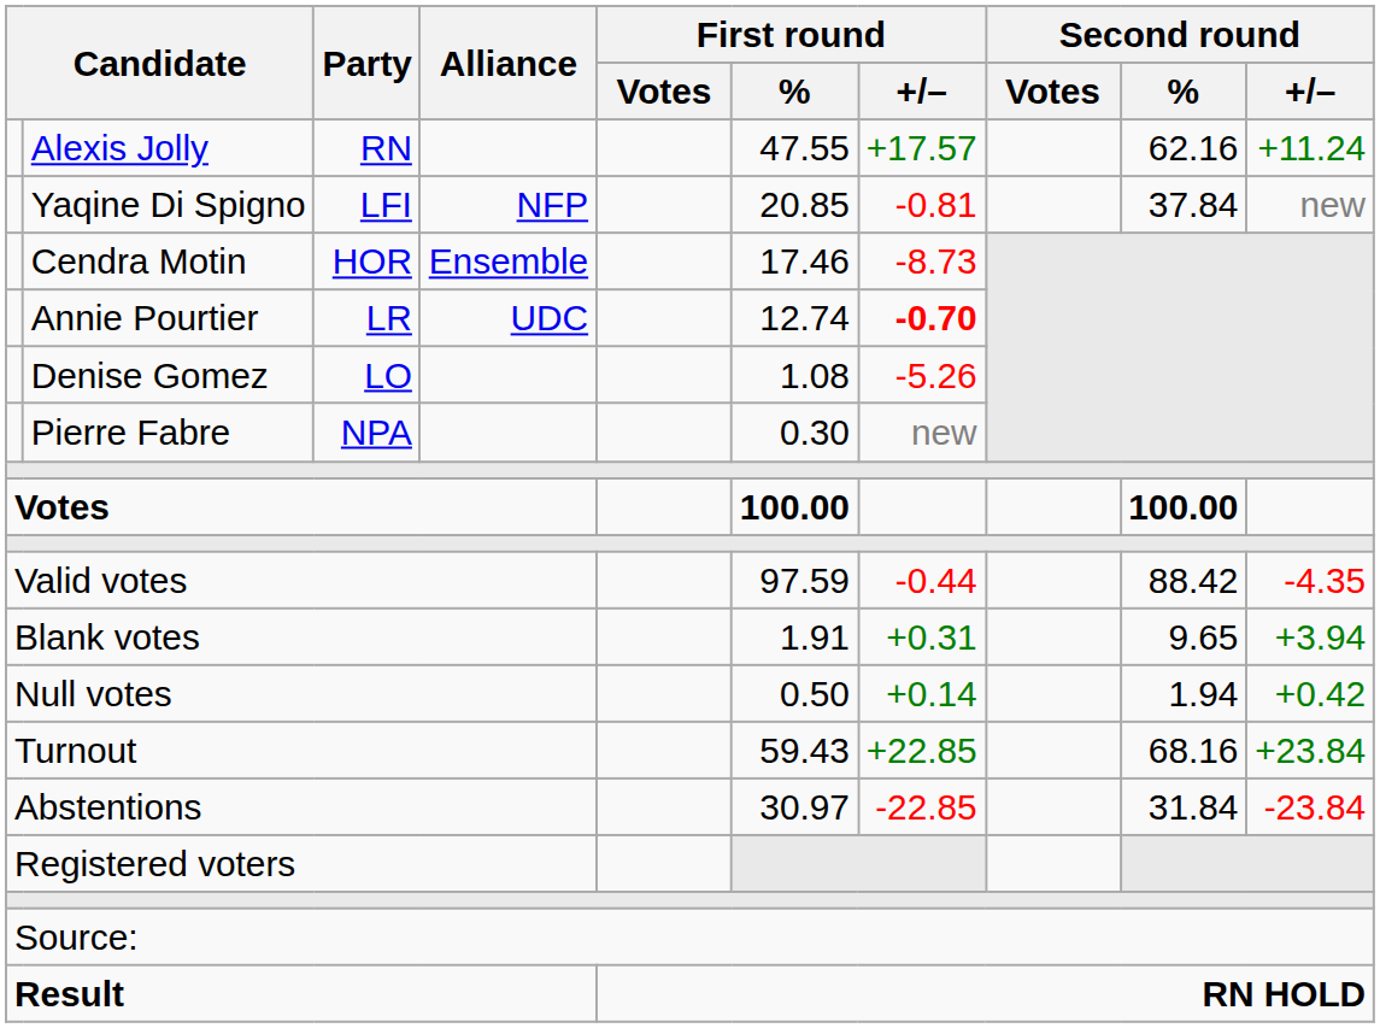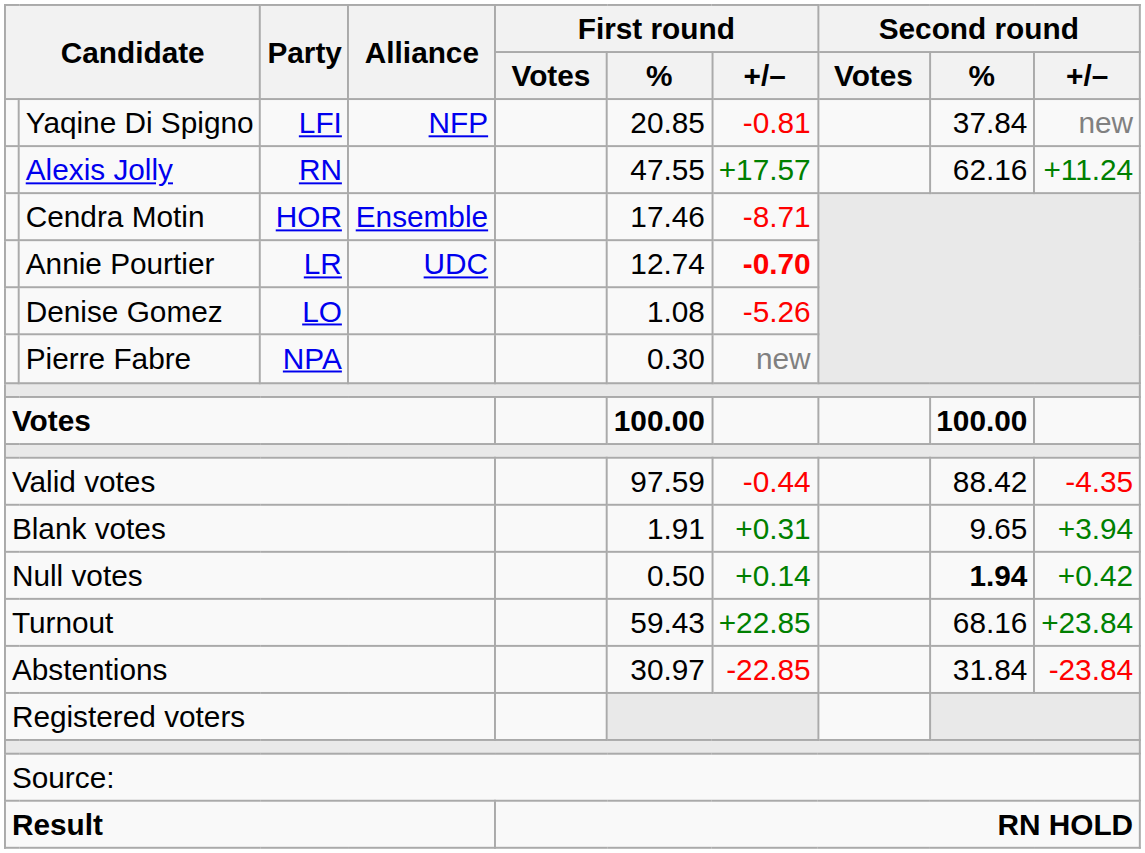 <table class="wikitable" style="text-align:right;font-size:95%;">
 <tr>
 <th rowspan="2" colspan="2">Candidate</th>
 <th colspan="1" rowspan="2">Party</th>
 <th colspan="1" rowspan="2">Alliance</th>
 <th colspan="3">First round</th>
 <th colspan="3">Second round</th>
 </tr>
 <tr>
 <th style="width:50px;">Votes</th>
 <th style="width:45px;">%</th>
 <th style="width:45px;">+/–</th>
 <th style="width:50px;">Votes</th>
 <th style="width:45px;">%</th>
 <th style="width:45px;">+/–</th>
 </tr>
 <tr>
 <td style="color:inherit;background:"></td>
+<td style="text-align:left;">Yaqine Di Spigno</td>
+<td><a href='#'>LFI</a></td>
+<td><a href='#'>NFP</a></td>
+<td></td>
+<td>20.85</td>
+<td style="color:red;">-0.81</td>
+<td></td>
+<td>37.84</td>
+<td style="color:grey;">new</td>
+</tr>
+<tr>
+<td style="color:inherit;background:"></td>
 <td style="text-align:left;"><a href='#'>Alexis Jolly</a></td>
 <td><a href='#'>RN</a></td>
 <td></td>
 <td></td>
 <td>47.55</td>
 <td style="color:green;">+17.57</td>
 <td></td>
 <td>62.16</td>
 <td style="color:green;">+11.24</td>
 </tr>
 <tr>
 <td style="color:inherit;background:"></td>
-<td style="text-align:left;">Yaqine Di Spigno</td>
-<td><a href='#'>LFI</a></td>
-<td><a href='#'>NFP</a></td>
-<td></td>
-<td>20.85</td>
-<td style="color:red;">-0.81</td>
-<td></td>
-<td>37.84</td>
-<td style="color:grey;">new</td>
-</tr>
-<tr>
-<td style="color:inherit;background:"></td>
 <td style="text-align:left;">Cendra Motin</td>
 <td><a href='#'>HOR</a></td>
 <td><a href='#'>Ensemble</a></td>
 <td></td>
 <td>17.46</td>
-<td style="color:red;">-8.73</td>
+<td style="color:red;">-8.71</td>
 <td colspan="3" rowspan="4" style="background:#E9E9E9;"></td>
 </tr>
 <tr>
 <td style="color:inherit;background:"></td>
 <td style="text-align:left;">Annie Pourtier</td>
 <td><a href='#'>LR</a></td>
 <td><a href='#'>UDC</a></td>
 <td></td>
 <td>12.74</td>
 <td style="color:red;"><strong>-0.70</strong></td>
 </tr>
 <tr>
 <td style="color:inherit;background:"></td>
 <td style="text-align:left;">Denise Gomez</td>
 <td><a href='#'>LO</a></td>
 <td></td>
 <td></td>
 <td>1.08</td>
 <td style="color:red;">-5.26</td>
 </tr>
 <tr>
 <td style="color:inherit;background:"></td>
 <td style="text-align:left;">Pierre Fabre</td>
 <td><a href='#'>NPA</a></td>
 <td></td>
 <td></td>
 <td>0.30</td>
 <td style="color:grey;">new</td>
 </tr>
 <tr>
 <td colspan="10" style="background:#E9E9E9;"></td>
 </tr>
 <tr style="font-weight:bold;">
 <td colspan="4" style="text-align:left;">Votes</td>
 <td></td>
 <td>100.00</td>
 <td></td>
 <td></td>
 <td>100.00</td>
 <td></td>
 </tr>
 <tr>
 <td colspan="10" style="background:#E9E9E9;"></td>
 </tr>
 <tr>
 <td colspan="4" style="text-align:left;">Valid votes</td>
 <td></td>
 <td>97.59</td>
 <td style="color:red;">-0.44</td>
 <td></td>
 <td>88.42</td>
 <td style="color:red;">-4.35</td>
 </tr>
 <tr>
 <td colspan="4" style="text-align:left;">Blank votes</td>
 <td></td>
 <td>1.91</td>
 <td style="color:green;">+0.31</td>
 <td></td>
 <td>9.65</td>
 <td style="color:green;">+3.94</td>
 </tr>
 <tr>
 <td colspan="4" style="text-align:left;">Null votes</td>
 <td></td>
 <td>0.50</td>
 <td style="color:green;">+0.14</td>
 <td></td>
-<td>1.94</td>
+<td><strong>1.94</strong></td>
 <td style="color:green;">+0.42</td>
 </tr>
 <tr>
 <td colspan="4" style="text-align:left;">Turnout</td>
 <td></td>
 <td>59.43</td>
 <td style="color:green;">+22.85</td>
 <td></td>
 <td>68.16</td>
 <td style="color:green;">+23.84</td>
 </tr>
 <tr>
 <td colspan="4" style="text-align:left;">Abstentions</td>
 <td></td>
 <td>30.97</td>
 <td style="color:red;">-22.85</td>
 <td></td>
 <td>31.84</td>
 <td style="color:red;">-23.84</td>
 </tr>
 <tr>
 <td colspan="4" style="text-align:left;">Registered voters</td>
 <td></td>
 <td colspan="2" style="background:#E9E9E9;"></td>
 <td></td>
 <td colspan="2" style="background:#E9E9E9;"></td>
 </tr>
 <tr>
 <td colspan="10" style="background:#E9E9E9;"></td>
 </tr>
 <tr>
 <td colspan="10" style="text-align:left;">Source: </td>
 </tr>
 <tr style="font-weight:bold">
 <td colspan="4" style="text-align:left;">Result</td>
 <td colspan="6" style="background-color:">RN HOLD</td>
 </tr>
 </table>
